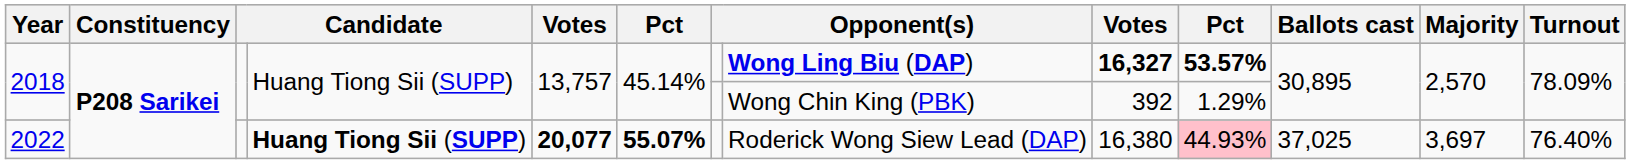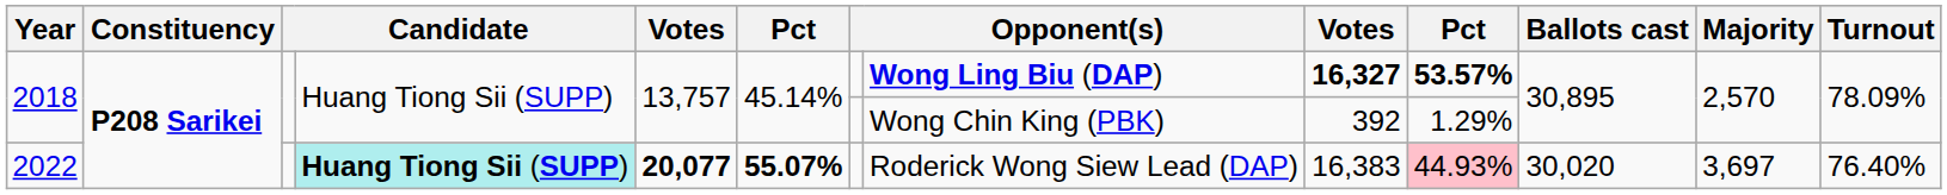 <table class="wikitable" style="margin:0.5em ; font-size:95%">
 <tr>
 <th>Year</th>
 <th>Constituency</th>
 <th colspan="2">Candidate</th>
 <th>Votes</th>
 <th>Pct</th>
 <th colspan="2">Opponent(s)</th>
 <th>Votes</th>
 <th>Pct</th>
 <th>Ballots cast</th>
 <th>Majority</th>
 <th>Turnout</th>
 </tr>
 <tr>
 <td rowspan="2"><a href='#'>2018</a></td>
 <td rowspan="6"><strong>P208 <a href='#'>Sarikei</a></strong></td>
 <td rowspan="2" ></td>
 <td rowspan="2">Huang Tiong Sii (<a href='#'>SUPP</a>)</td>
 <td rowspan="2" style="text-align:right;">13,757</td>
 <td rowspan="2">45.14%</td>
 <td></td>
 <td><strong><a href='#'>Wong Ling Biu</a></strong> (<a href='#'><strong>DAP</strong></a>)</td>
 <td style="text-align:right;"><strong>16,327</strong></td>
 <td><strong>53.57%</strong></td>
 <td rowspan="2">30,895</td>
 <td rowspan="2">2,570</td>
 <td rowspan="2">78.09%</td>
 </tr>
 <tr>
 <td></td>
 <td>Wong Chin King (<a href='#'>PBK</a>)</td>
 <td style="text-align:right;">392</td>
 <td style="text-align:right;">1.29%</td>
 </tr>
 <tr>
 <td><a href='#'>2022</a></td>
 <td></td>
-<td><strong>Huang Tiong Sii</strong> (<a href='#'><strong>SUPP</strong></a>)</td>
+<td style="background: paleturquoise;"><strong>Huang Tiong Sii</strong> (<a href='#'><strong>SUPP</strong></a>)</td>
 <td align="right"><strong>20,077</strong></td>
 <td><strong>55.07%</strong></td>
 <td></td>
 <td>Roderick Wong Siew Lead (<a href='#'>DAP</a>)</td>
-<td style="text-align:right;">16,380</td>
+<td style="text-align:right;">16,383</td>
 <td style="background: pink; text-align:right;">44.93%</td>
-<td>37,025</td>
+<td>30,020</td>
 <td>3,697</td>
 <td>76.40%</td>
 </tr>
 </table>
